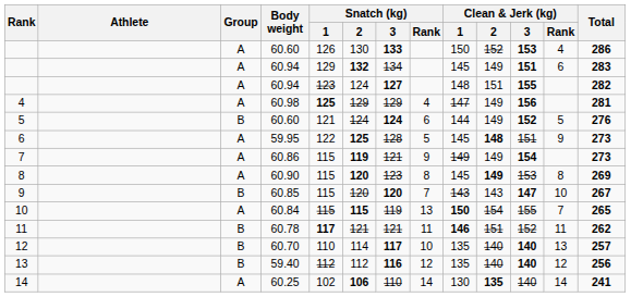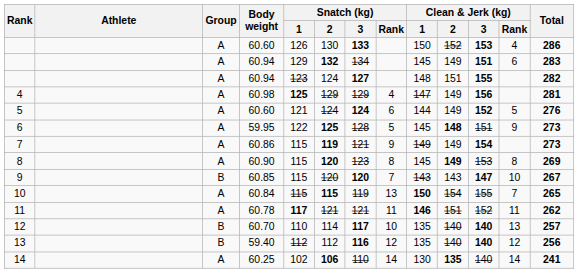 <table class = "wikitable" style="text-align:center;">
 <tr>
 <th rowspan=2 width=40>Rank</th>
 <th rowspan=2 width=250>Athlete</th>
 <th rowspan=2 width=50>Group</th>
 <th rowspan=2 width=60>Body weight</th>
 <th colspan=4>Snatch (kg)</th>
 <th colspan=4>Clean & Jerk (kg)</th>
 <th rowspan=2 width=60>Total</th>
 </tr>
 <tr>
 <th width=40>1</th>
 <th width=40>2</th>
 <th width=40>3</th>
 <th width=40>Rank</th>
 <th width=40>1</th>
 <th width=40>2</th>
 <th width=40>3</th>
 <th width=40>Rank</th>
 </tr>
 <tr>
 <td></td>
 <td align=left></td>
 <td>A</td>
 <td>60.60</td>
 <td>126</td>
 <td>130</td>
 <td><strong>133</strong></td>
 <td></td>
 <td>150</td>
 <td><s>152</s></td>
 <td><strong>153</strong></td>
 <td>4</td>
 <td><strong>286</strong></td>
 </tr>
 <tr>
 <td></td>
 <td align=left></td>
 <td>A</td>
 <td>60.94</td>
 <td>129</td>
 <td><strong>132</strong></td>
 <td><s>134</s></td>
 <td></td>
 <td>145</td>
 <td>149</td>
 <td><strong>151</strong></td>
 <td>6</td>
 <td><strong>283</strong></td>
 </tr>
 <tr>
 <td></td>
 <td align=left></td>
 <td>A</td>
 <td>60.94</td>
 <td><s>123</s></td>
 <td>124</td>
 <td><strong>127</strong></td>
 <td></td>
 <td>148</td>
 <td>151</td>
 <td><strong>155</strong></td>
 <td></td>
 <td><strong>282</strong></td>
 </tr>
 <tr>
 <td>4</td>
 <td align=left></td>
 <td>A</td>
 <td>60.98</td>
 <td><strong>125</strong></td>
 <td><s>129</s></td>
 <td><s>129</s></td>
 <td>4</td>
 <td><s>147</s></td>
 <td>149</td>
 <td><strong>156</strong></td>
 <td></td>
 <td><strong>281</strong></td>
 </tr>
 <tr>
 <td>5</td>
 <td align=left></td>
-<td>B</td>
+<td>A</td>
 <td>60.60</td>
 <td>121</td>
 <td><s>124</s></td>
 <td><strong>124</strong></td>
 <td>6</td>
 <td>144</td>
 <td>149</td>
 <td><strong>152</strong></td>
 <td>5</td>
 <td><strong>276</strong></td>
 </tr>
 <tr>
 <td>6</td>
 <td align=left></td>
 <td>A</td>
 <td>59.95</td>
 <td>122</td>
 <td><strong>125</strong></td>
 <td><s>128</s></td>
 <td>5</td>
 <td>145</td>
 <td><strong>148</strong></td>
 <td><s>151</s></td>
 <td>9</td>
 <td><strong>273</strong></td>
 </tr>
 <tr>
 <td>7</td>
 <td align=left></td>
 <td>A</td>
 <td>60.86</td>
 <td>115</td>
 <td><strong>119</strong></td>
 <td><s>121</s></td>
 <td>9</td>
 <td><s>149</s></td>
 <td>149</td>
 <td><strong>154</strong></td>
 <td></td>
 <td><strong>273</strong></td>
 </tr>
 <tr>
 <td>8</td>
 <td align=left></td>
 <td>A</td>
 <td>60.90</td>
 <td>115</td>
 <td><strong>120</strong></td>
 <td><s>123</s></td>
 <td>8</td>
 <td>145</td>
 <td><strong>149</strong></td>
 <td><s>153</s></td>
 <td>8</td>
 <td><strong>269</strong></td>
 </tr>
 <tr>
 <td>9</td>
 <td align=left></td>
 <td>B</td>
 <td>60.85</td>
 <td>115</td>
 <td><s>120</s></td>
 <td><strong>120</strong></td>
 <td>7</td>
 <td><s>143</s></td>
 <td>143</td>
 <td><strong>147</strong></td>
 <td>10</td>
 <td><strong>267</strong></td>
 </tr>
 <tr>
 <td>10</td>
 <td align=left></td>
 <td>A</td>
 <td>60.84</td>
 <td><s>115</s></td>
 <td><strong>115</strong></td>
 <td><s>119</s></td>
 <td>13</td>
 <td><strong>150</strong></td>
 <td><s>154</s></td>
 <td><s>155</s></td>
 <td>7</td>
 <td><strong>265</strong></td>
 </tr>
 <tr>
 <td>11</td>
 <td align=left></td>
-<td>B</td>
+<td>A</td>
 <td>60.78</td>
 <td><strong>117</strong></td>
 <td><s>121</s></td>
 <td><s>121</s></td>
 <td>11</td>
 <td><strong>146</strong></td>
 <td><s>151</s></td>
 <td><s>152</s></td>
 <td>11</td>
 <td><strong>262</strong></td>
 </tr>
 <tr>
 <td>12</td>
 <td align=left></td>
 <td>B</td>
 <td>60.70</td>
 <td>110</td>
 <td>114</td>
 <td><strong>117</strong></td>
 <td>10</td>
 <td>135</td>
 <td><s>140</s></td>
 <td><strong>140</strong></td>
 <td>13</td>
 <td><strong>257</strong></td>
 </tr>
 <tr>
 <td>13</td>
 <td align=left></td>
 <td>B</td>
 <td>59.40</td>
 <td><s>112</s></td>
 <td>112</td>
 <td><strong>116</strong></td>
 <td>12</td>
 <td>135</td>
 <td><s>140</s></td>
 <td><strong>140</strong></td>
 <td>12</td>
 <td><strong>256</strong></td>
 </tr>
 <tr>
 <td>14</td>
 <td align=left></td>
 <td>A</td>
 <td>60.25</td>
 <td>102</td>
 <td><strong>106</strong></td>
 <td><s>110</s></td>
 <td>14</td>
 <td>130</td>
 <td><strong>135</strong></td>
 <td><s>140</s></td>
 <td>14</td>
 <td><strong>241</strong></td>
 </tr>
 </table>
